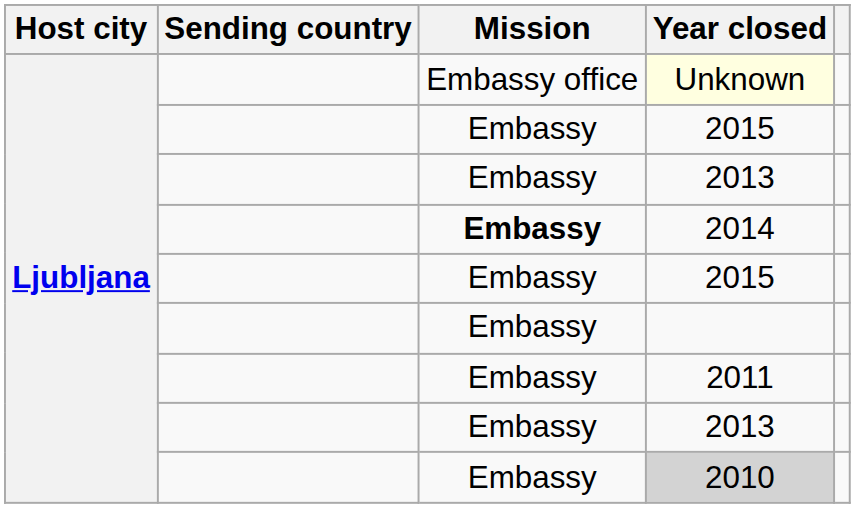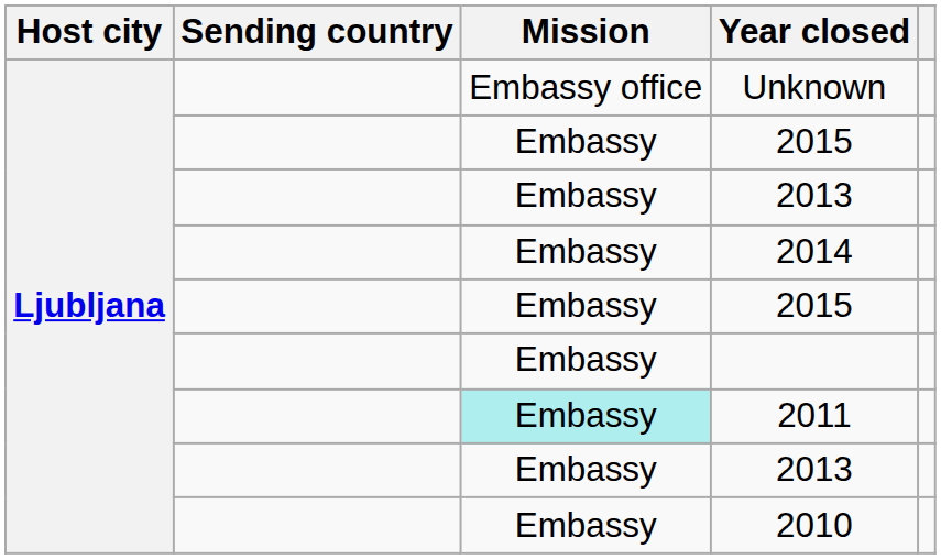 <table class="wikitable plainrowheaders">
 <tr>
 <th scope="col">Host city</th>
 <th scope="col">Sending country</th>
 <th scope="col">Mission</th>
 <th scope="col">Year closed</th>
 <th scope="col"></th>
 </tr>
 <tr>
 <th rowspan="9"><a href='#'>Ljubljana</a></th>
 <td></td>
 <td style="text-align:center;">Embassy office</td>
-<td style="background: lightyellow; text-align:center;">Unknown</td>
+<td style="text-align:center;">Unknown</td>
 <td style="text-align:center;"></td>
 </tr>
 <tr>
 <td></td>
 <td style="text-align:center;">Embassy</td>
 <td style="text-align:center;">2015</td>
 <td style="text-align:center;"></td>
 </tr>
 <tr>
 <td></td>
 <td style="text-align:center;">Embassy</td>
 <td style="text-align:center;">2013</td>
 <td style="text-align:center;"></td>
 </tr>
 <tr>
 <td></td>
-<td style="text-align:center;"><strong>Embassy</strong></td>
+<td style="text-align:center;">Embassy</td>
 <td style="text-align:center;">2014</td>
 <td style="text-align:center;"></td>
 </tr>
 <tr>
 <td></td>
 <td style="text-align:center;">Embassy</td>
 <td style="text-align:center;">2015</td>
 <td style="text-align:center;"></td>
 </tr>
 <tr>
 <td></td>
 <td style="text-align:center;">Embassy</td>
 <td style="text-align:center;"></td>
 <td style="text-align:center;"></td>
 </tr>
 <tr>
 <td></td>
-<td style="text-align:center;">Embassy</td>
+<td style="background: paleturquoise; text-align:center;">Embassy</td>
 <td style="text-align:center;">2011</td>
 <td style="text-align:center;"></td>
 </tr>
 <tr>
 <td></td>
 <td style="text-align:center;">Embassy</td>
 <td style="text-align:center;">2013</td>
 <td style="text-align:center;"></td>
 </tr>
 <tr>
 <td></td>
 <td style="text-align:center;">Embassy</td>
-<td style="background: lightgrey; text-align:center;">2010</td>
+<td style="text-align:center;">2010</td>
 <td style="text-align:center;"></td>
 </tr>
 </table>
